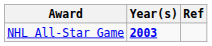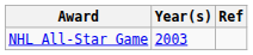 <table class="wikitable">
 <tr>
 <th>Award</th>
 <th>Year(s)</th>
 <th>Ref</th>
 </tr>
 <tr>
 <td><a href='#'>NHL All-Star Game</a></td>
-<td><strong><a href='#'>2003</a></strong></td>
+<td><a href='#'>2003</a></td>
 <td></td>
 </tr>
 </table>
